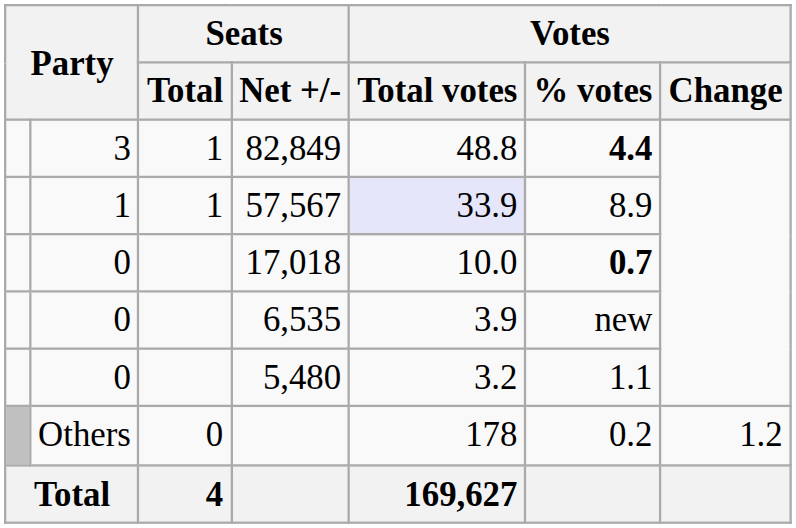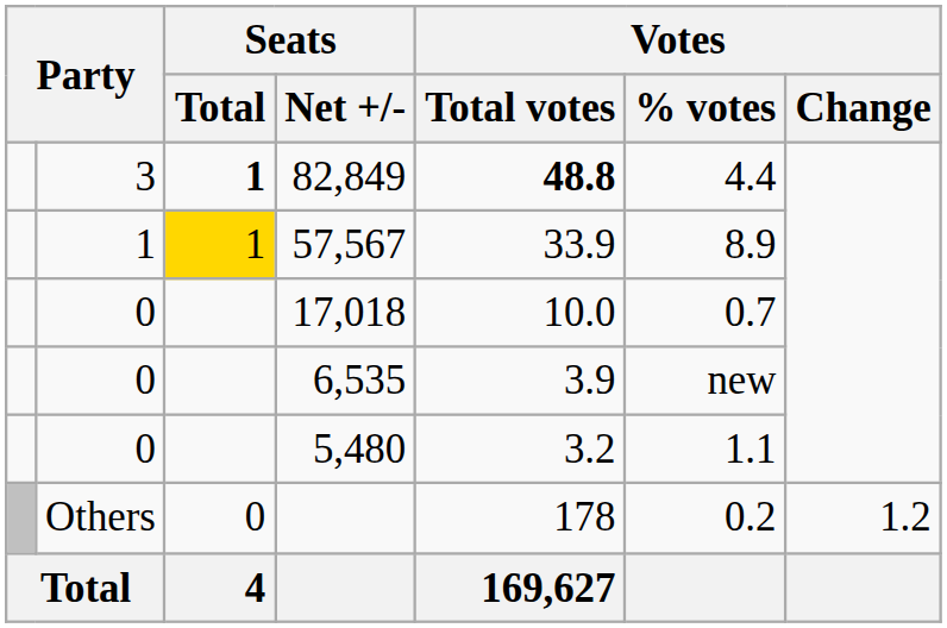 <table class="wikitable" style="text-align:right; font-size:95%;">
 <tr>
 <th colspan="2" rowspan="2">Party</th>
 <th colspan="2">Seats</th>
 <th colspan="3">Votes</th>
 </tr>
 <tr>
 <th>Total</th>
 <th>Net +/-</th>
 <th>Total votes</th>
 <th>% votes</th>
 <th>Change</th>
 </tr>
 <tr>
 <td></td>
 <td>3</td>
-<td>1</td>
+<td><strong>1</strong></td>
 <td>82,849</td>
-<td>48.8</td>
-<td><strong>4.4</strong></td>
+<td><strong>48.8</strong></td>
+<td>4.4</td>
 </tr>
 <tr>
 <td></td>
 <td>1</td>
-<td>1</td>
+<td style="background: gold;">1</td>
 <td>57,567</td>
-<td style="background: lavender;">33.9</td>
+<td>33.9</td>
 <td>8.9</td>
 </tr>
 <tr>
 <td></td>
 <td>0</td>
 <td></td>
 <td>17,018</td>
 <td>10.0</td>
-<td><strong>0.7</strong></td>
+<td>0.7</td>
 </tr>
 <tr>
 <td></td>
 <td>0</td>
 <td></td>
 <td>6,535</td>
 <td>3.9</td>
 <td>new</td>
 </tr>
 <tr>
 <td></td>
 <td>0</td>
 <td></td>
 <td>5,480</td>
 <td>3.2</td>
 <td>1.1</td>
 </tr>
 <tr>
 <td style="background:silver;"> </td>
 <td align=left>Others</td>
 <td>0</td>
 <td></td>
 <td>178</td>
 <td>0.2</td>
 <td>1.2</td>
 </tr>
 <tr>
 <th colspan="2" style="background:#f2f2f2">Total</th>
 <td style="background:#f2f2f2;"><strong>4</strong></td>
 <td style="background:#f2f2f2;"></td>
 <td style="background:#f2f2f2;"><strong>169,627</strong></td>
 <td style="background:#f2f2f2;"></td>
 <td style="background:#f2f2f2;"></td>
 </tr>
 </table>
